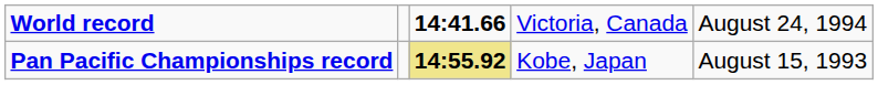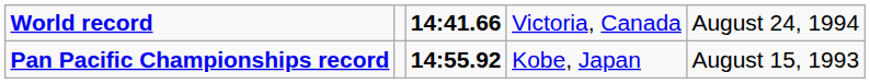 <table class="wikitable">
 <tr>
 <td><strong><a href='#'>World record</a></strong></td>
 <td></td>
 <td><strong>14:41.66</strong></td>
 <td><a href='#'>Victoria</a>, <a href='#'>Canada</a></td>
 <td>August 24, 1994</td>
 </tr>
 <tr>
 <td><strong><a href='#'>Pan Pacific Championships record</a></strong></td>
 <td></td>
-<td style="background: khaki;"><strong>14:55.92</strong></td>
+<td><strong>14:55.92</strong></td>
 <td><a href='#'>Kobe</a>, <a href='#'>Japan</a></td>
 <td>August 15, 1993</td>
 </tr>
 </table>
